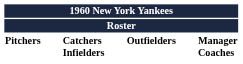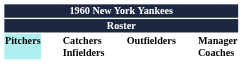 <table class="toccolours" style="font-size: 95%;">
 <tr>
 <th colspan="10" style="background-color: #1c2841; color: white; text-align: center;">1960 New York Yankees</th>
 </tr>
 <tr>
 <td colspan="10" style="background-color:#1c2841; color: white; text-align: center;"><strong>Roster</strong></td>
 </tr>
 <tr>
-<td valign="top"><strong>Pitchers</strong><br>               </td>
+<td valign="top" style="background: paleturquoise;"><strong>Pitchers</strong><br>               </td>
 <td width="25px"></td>
 <td valign="top"><strong>Catchers</strong><br>     <strong>Infielders</strong>          </td>
 <td width="25px"></td>
 <td valign="top"><strong>Outfielders</strong><br>      </td>
 <td width="25px"></td>
 <td valign="top"><strong>Manager</strong><br> <strong>Coaches</strong>     </td>
 </tr>
 </table>
